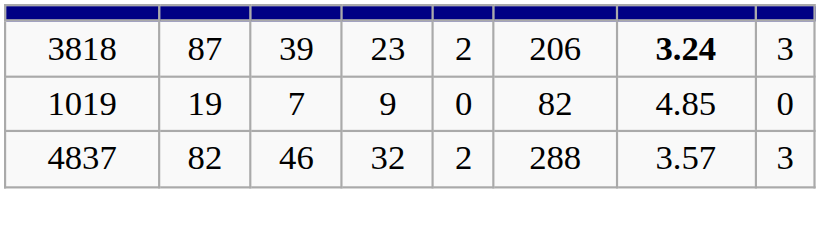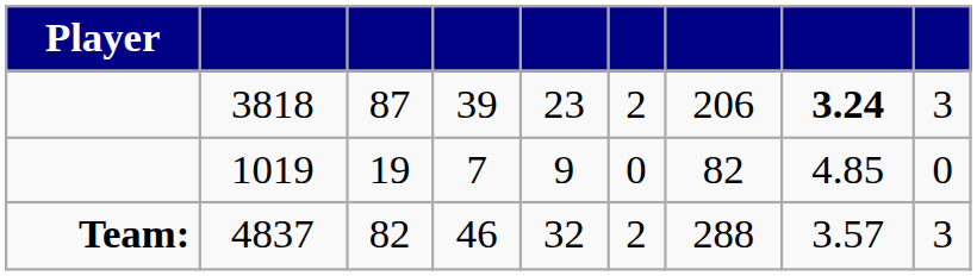 <table style="width:60%;" class="wikitable sortable">
 <tr>
+<th style="color:white; background:#000084; ">Player</th>
 <th style="color:white; background:#000084; "></th>
 <th style="color:white; background:#000084; "></th>
 <th style="color:white; background:#000084; "></th>
 <th style="color:white; background:#000084; "></th>
 <th style="color:white; background:#000084; "></th>
 <th style="color:white; background:#000084; "></th>
 <th style="color:white; background:#000084; "></th>
 <th style="color:white; background:#000084; "></th>
 </tr>
 <tr align="center">
+<td align="right"></td>
 <td>3818</td>
 <td>87</td>
 <td>39</td>
 <td>23</td>
 <td>2</td>
 <td>206</td>
 <td><strong>3.24</strong></td>
 <td>3</td>
 </tr>
 <tr align="center">
+<td align="right"></td>
 <td>1019</td>
 <td>19</td>
 <td>7</td>
 <td>9</td>
 <td>0</td>
 <td>82</td>
 <td>4.85</td>
 <td>0</td>
 </tr>
 <tr align="center">
+<td align="right"><strong>Team:</strong></td>
 <td>4837</td>
 <td>82</td>
 <td>46</td>
 <td>32</td>
 <td>2</td>
 <td>288</td>
 <td>3.57</td>
 <td>3</td>
 </tr>
 </table>
